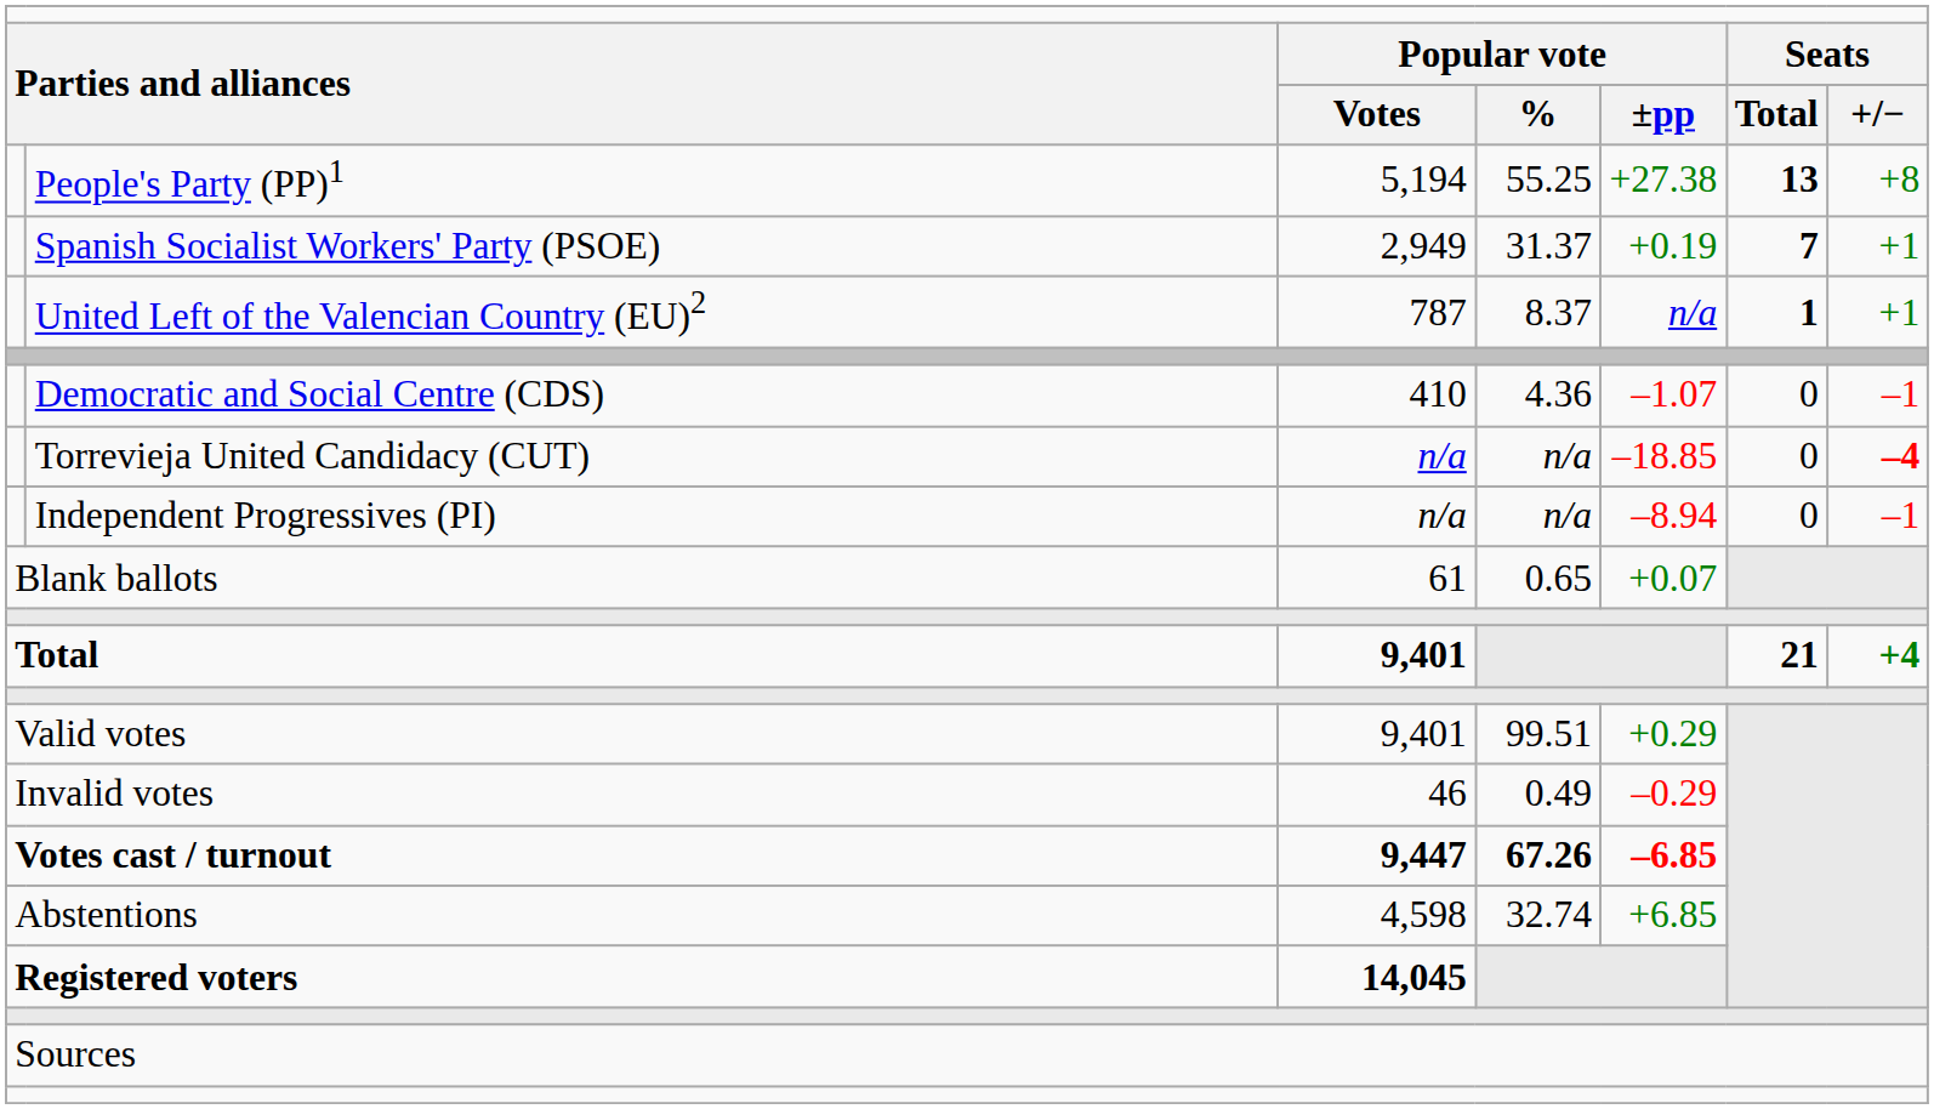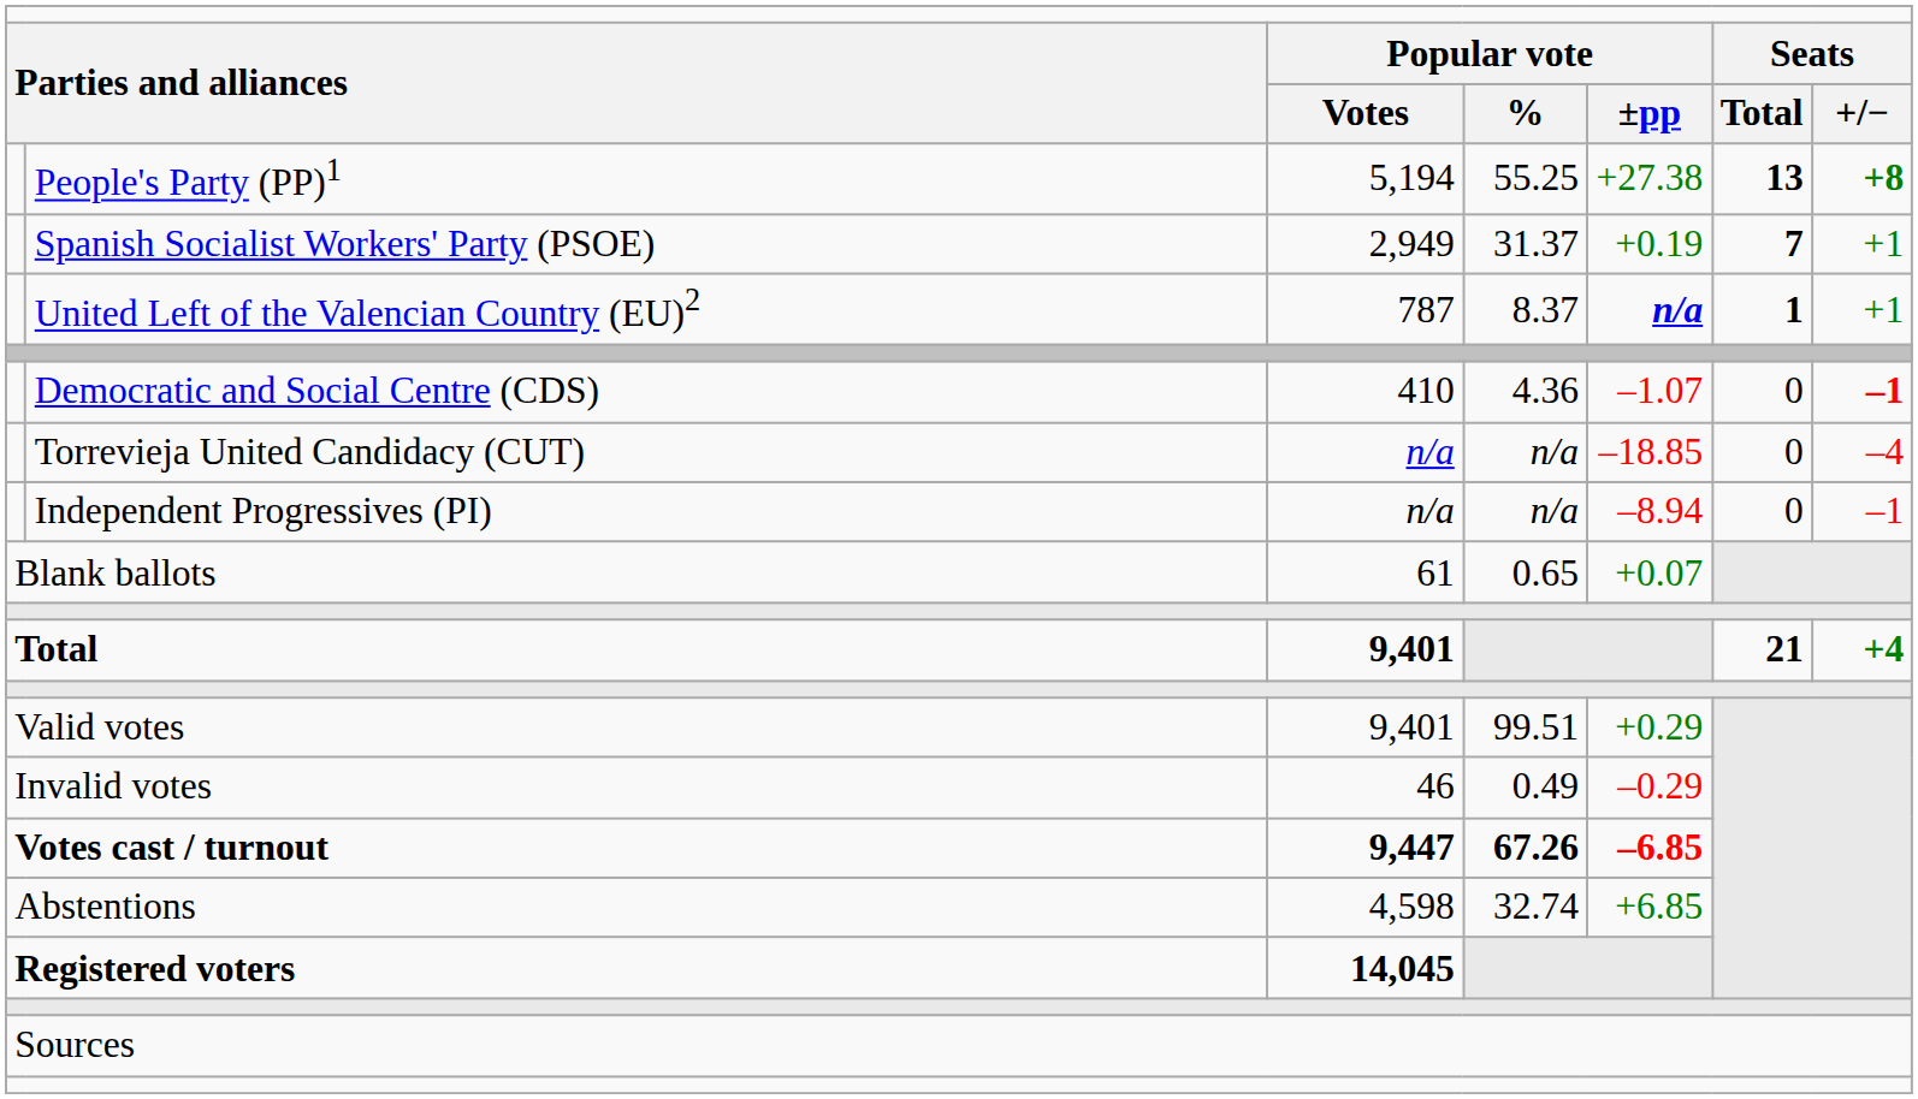 <table class="wikitable" style="text-align:right;">
 <tr>
 <td colspan="7"></td>
 </tr>
 <tr>
 <th style="text-align:left;" rowspan="2" colspan="2" width="525">Parties and alliances</th>
 <th colspan="3">Popular vote</th>
 <th colspan="2">Seats</th>
 </tr>
 <tr>
 <th width="75">Votes</th>
 <th width="45">%</th>
 <th width="45">±<a href='#'>pp</a></th>
 <th width="35">Total</th>
 <th width="35">+/−</th>
 </tr>
 <tr>
 <td width="1" style="color:inherit;background:"></td>
 <td align="left"><a href='#'>People's Party</a> (PP)<sup>1</sup></td>
 <td>5,194</td>
 <td>55.25</td>
 <td style="color:green;">+27.38</td>
 <td><strong>13</strong></td>
-<td style="color:green;">+8</td>
+<td style="color:green;"><strong>+8</strong></td>
 </tr>
 <tr>
 <td style="color:inherit;background:"></td>
 <td align="left"><a href='#'>Spanish Socialist Workers' Party</a> (PSOE)</td>
 <td>2,949</td>
 <td>31.37</td>
 <td style="color:green;">+0.19</td>
 <td><strong>7</strong></td>
 <td style="color:green;">+1</td>
 </tr>
 <tr>
 <td style="color:inherit;background:"></td>
 <td align="left"><a href='#'>United Left of the Valencian Country</a> (EU)<sup>2</sup></td>
 <td>787</td>
 <td>8.37</td>
-<td><em><a href='#'>n/a</a></em></td>
+<td><strong><em><a href='#'>n/a</a></em></strong></td>
 <td><strong>1</strong></td>
 <td style="color:green;">+1</td>
 </tr>
 <tr>
 <td colspan="7" bgcolor="#C0C0C0"></td>
 </tr>
 <tr>
 <td style="color:inherit;background:"></td>
 <td align="left"><a href='#'>Democratic and Social Centre</a> (CDS)</td>
 <td>410</td>
 <td>4.36</td>
 <td style="color:red;">–1.07</td>
 <td>0</td>
-<td style="color:red;">–1</td>
+<td style="color:red;"><strong>–1</strong></td>
 </tr>
 <tr>
 <td style="color:inherit;background:"></td>
 <td align="left">Torrevieja United Candidacy (CUT)</td>
 <td><em><a href='#'>n/a</a></em></td>
 <td><em>n/a</em></td>
 <td style="color:red;">–18.85</td>
 <td>0</td>
-<td style="color:red;"><strong>–4</strong></td>
+<td style="color:red;">–4</td>
 </tr>
 <tr>
 <td style="color:inherit;background:"></td>
 <td align="left">Independent Progressives (PI)</td>
 <td><em>n/a</em></td>
 <td><em>n/a</em></td>
 <td style="color:red;">–8.94</td>
 <td>0</td>
 <td style="color:red;">–1</td>
 </tr>
 <tr>
 <td align="left" colspan="2">Blank ballots</td>
 <td>61</td>
 <td>0.65</td>
 <td style="color:green;">+0.07</td>
 <td bgcolor="#E9E9E9" colspan="2"></td>
 </tr>
 <tr>
 <td colspan="7" bgcolor="#E9E9E9"></td>
 </tr>
 <tr style="font-weight:bold;">
 <td align="left" colspan="2">Total</td>
 <td>9,401</td>
 <td bgcolor="#E9E9E9" colspan="2"></td>
 <td>21</td>
 <td style="color:green;">+4</td>
 </tr>
 <tr>
 <td colspan="7" bgcolor="#E9E9E9"></td>
 </tr>
 <tr>
 <td align="left" colspan="2">Valid votes</td>
 <td>9,401</td>
 <td>99.51</td>
 <td style="color:green;">+0.29</td>
 <td bgcolor="#E9E9E9" colspan="2" rowspan="5"></td>
 </tr>
 <tr>
 <td align="left" colspan="2">Invalid votes</td>
 <td>46</td>
 <td>0.49</td>
 <td style="color:red;">–0.29</td>
 </tr>
 <tr style="font-weight:bold;">
 <td align="left" colspan="2">Votes cast / turnout</td>
 <td>9,447</td>
 <td>67.26</td>
 <td style="color:red;">–6.85</td>
 </tr>
 <tr>
 <td align="left" colspan="2">Abstentions</td>
 <td>4,598</td>
 <td>32.74</td>
 <td style="color:green;">+6.85</td>
 </tr>
 <tr style="font-weight:bold;">
 <td align="left" colspan="2">Registered voters</td>
 <td>14,045</td>
 <td bgcolor="#E9E9E9" colspan="2"></td>
 </tr>
 <tr>
 <td colspan="7" bgcolor="#E9E9E9"></td>
 </tr>
 <tr>
 <td align="left" colspan="7">Sources</td>
 </tr>
 <tr>
 <td colspan="7" style="text-align:left; max-width:790px;"></td>
 </tr>
 </table>
